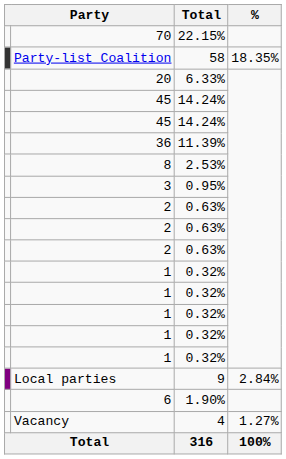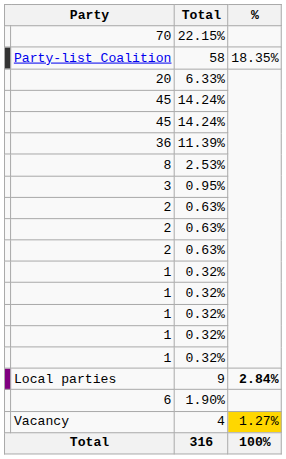 <table class=wikitable style="text-align:right">
 <tr>
 <th colspan=2>Party</th>
 <th>Total</th>
 <th>%</th>
 </tr>
 <tr>
 <td></td>
 <td>70</td>
 <td>22.15%</td>
 </tr>
 <tr>
 <td bgcolor=#333333></td>
 <td align=left><a href='#'>Party-list Coalition</a></td>
 <td>58</td>
 <td>18.35%</td>
 </tr>
 <tr>
 <td></td>
 <td>20</td>
 <td>6.33%</td>
 </tr>
 <tr>
 <td></td>
 <td>45</td>
 <td>14.24%</td>
 </tr>
 <tr>
 <td></td>
 <td>45</td>
 <td>14.24%</td>
 </tr>
 <tr>
 <td></td>
 <td>36</td>
 <td>11.39%</td>
 </tr>
 <tr>
 <td></td>
 <td>8</td>
 <td>2.53%</td>
 </tr>
 <tr>
 <td></td>
 <td>3</td>
 <td>0.95%</td>
 </tr>
 <tr>
 <td></td>
 <td>2</td>
 <td>0.63%</td>
 </tr>
 <tr>
 <td></td>
 <td>2</td>
 <td>0.63%</td>
 </tr>
 <tr>
 <td></td>
 <td>2</td>
 <td>0.63%</td>
 </tr>
 <tr>
 <td></td>
 <td>1</td>
 <td>0.32%</td>
 </tr>
 <tr>
 <td></td>
 <td>1</td>
 <td>0.32%</td>
 </tr>
 <tr>
 <td></td>
 <td>1</td>
 <td>0.32%</td>
 </tr>
 <tr>
 <td></td>
 <td>1</td>
 <td>0.32%</td>
 </tr>
 <tr>
 <td></td>
 <td>1</td>
 <td>0.32%</td>
 </tr>
 <tr>
 <td bgcolor=purple></td>
 <td align=left>Local parties</td>
 <td>9</td>
-<td>2.84%</td>
+<td><strong>2.84%</strong></td>
 </tr>
 <tr>
 <td></td>
 <td>6</td>
 <td>1.90%</td>
 </tr>
 <tr>
 <td></td>
 <td align=left>Vacancy</td>
 <td>4</td>
-<td>1.27%</td>
+<td style="background: gold;">1.27%</td>
 </tr>
 <tr>
 <th colspan=2>Total</th>
 <th>316</th>
 <th>100%</th>
 </tr>
 </table>
